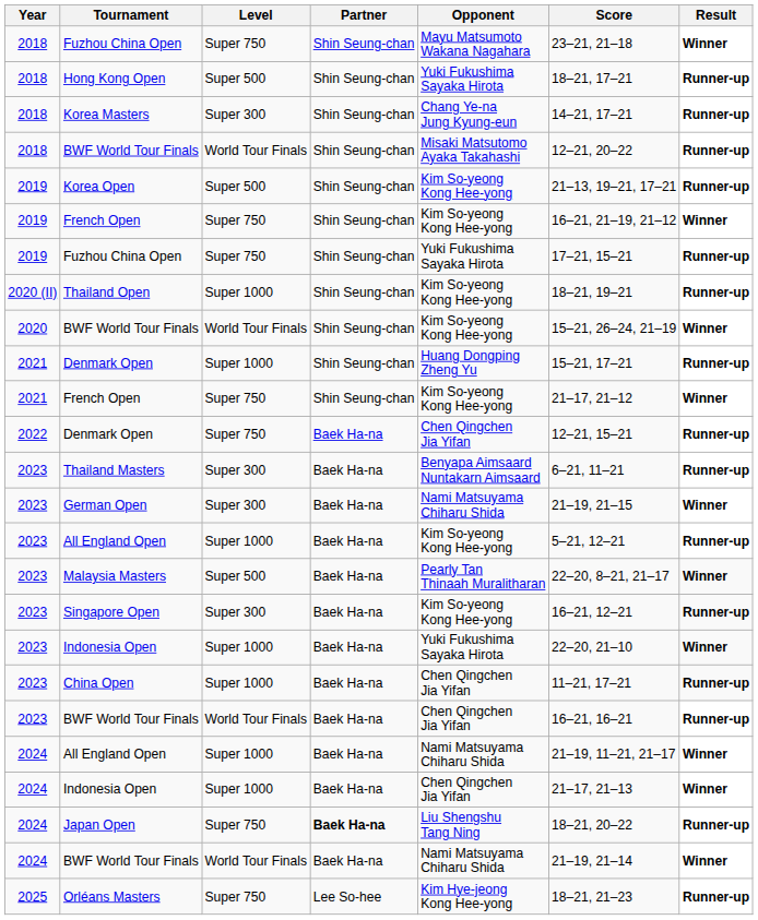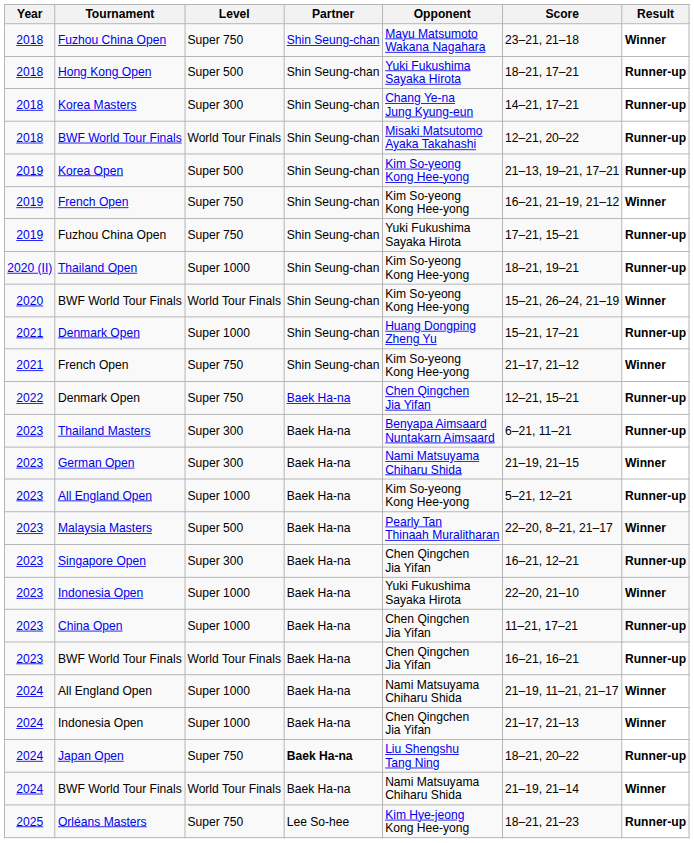 <table class="sortable wikitable" style="font-size: 90%;">
 <tr>
 <th>Year</th>
 <th>Tournament</th>
 <th>Level</th>
 <th>Partner</th>
 <th>Opponent</th>
 <th>Score</th>
 <th>Result</th>
 </tr>
 <tr>
 <td align="center"><a href='#'>2018</a></td>
 <td align="left"><a href='#'>Fuzhou China Open</a></td>
 <td align="left">Super 750</td>
 <td align="left"> <a href='#'>Shin Seung-chan</a></td>
 <td align="left"> <a href='#'>Mayu Matsumoto</a><br> <a href='#'>Wakana Nagahara</a></td>
 <td align="left">23–21, 21–18</td>
 <td style="text-align:left; background:white"> <strong>Winner</strong></td>
 </tr>
 <tr>
 <td align="center"><a href='#'>2018</a></td>
 <td align="left"><a href='#'>Hong Kong Open</a></td>
 <td align="left">Super 500</td>
 <td align="left"> Shin Seung-chan</td>
 <td align="left"> <a href='#'>Yuki Fukushima</a><br> <a href='#'>Sayaka Hirota</a></td>
 <td align="left">18–21, 17–21</td>
 <td style="text-align:left; background:white"> <strong>Runner-up</strong></td>
 </tr>
 <tr>
 <td align="center"><a href='#'>2018</a></td>
 <td align="left"><a href='#'>Korea Masters</a></td>
 <td align="left">Super 300</td>
 <td align="left"> Shin Seung-chan</td>
 <td align="left"> <a href='#'>Chang Ye-na</a><br> <a href='#'>Jung Kyung-eun</a></td>
 <td align="left">14–21, 17–21</td>
 <td style="text-align:left; background:white"> <strong>Runner-up</strong></td>
 </tr>
 <tr>
 <td align="center"><a href='#'>2018</a></td>
 <td align="left"><a href='#'>BWF World Tour Finals</a></td>
 <td align="left">World Tour Finals</td>
 <td align="left"> Shin Seung-chan</td>
 <td align="left"> <a href='#'>Misaki Matsutomo</a><br> <a href='#'>Ayaka Takahashi</a></td>
 <td align="left">12–21, 20–22</td>
 <td style="text-align:left; background:white"> <strong>Runner-up</strong></td>
 </tr>
 <tr>
 <td align="center"><a href='#'>2019</a></td>
 <td align="left"><a href='#'>Korea Open</a></td>
 <td align="left">Super 500</td>
 <td align="left"> Shin Seung-chan</td>
 <td align="left"> <a href='#'>Kim So-yeong</a><br> <a href='#'>Kong Hee-yong</a></td>
 <td align="left">21–13, 19–21, 17–21</td>
 <td style="text-align:left; background:white"> <strong>Runner-up</strong></td>
 </tr>
 <tr>
 <td align="center"><a href='#'>2019</a></td>
 <td align="left"><a href='#'>French Open</a></td>
 <td align="left">Super 750</td>
 <td align="left"> Shin Seung-chan</td>
 <td align="left"> Kim So-yeong<br> Kong Hee-yong</td>
 <td algin="left">16–21, 21–19, 21–12</td>
 <td style="text-align:left; background:white"> <strong>Winner</strong></td>
 </tr>
 <tr>
 <td align="center"><a href='#'>2019</a></td>
 <td align="left">Fuzhou China Open</td>
 <td align="left">Super 750</td>
 <td align="left"> Shin Seung-chan</td>
 <td align="left"> Yuki Fukushima<br> Sayaka Hirota</td>
 <td algin="left">17–21, 15–21</td>
 <td style="text-align:left; background:white"> <strong>Runner-up</strong></td>
 </tr>
 <tr>
 <td align="center"><a href='#'>2020 (II)</a></td>
 <td align="left"><a href='#'>Thailand Open</a></td>
 <td align="left">Super 1000</td>
 <td align="left"> Shin Seung-chan</td>
 <td align="left"> Kim So-yeong<br> Kong Hee-yong</td>
 <td align="left">18–21, 19–21</td>
 <td style="text-align:left; background:white"> <strong>Runner-up</strong></td>
 </tr>
 <tr>
 <td align="center"><a href='#'>2020</a></td>
 <td align="left">BWF World Tour Finals</td>
 <td align="left">World Tour Finals</td>
 <td align="left"> Shin Seung-chan</td>
 <td align="left"> Kim So-yeong<br> Kong Hee-yong</td>
 <td align="left">15–21,	26–24, 21–19</td>
 <td style="text-align:left; background:white"> <strong>Winner</strong></td>
 </tr>
 <tr>
 <td align="center"><a href='#'>2021</a></td>
 <td align="left"><a href='#'>Denmark Open</a></td>
 <td align="left">Super 1000</td>
 <td align="left"> Shin Seung-chan</td>
 <td align="left"> <a href='#'>Huang Dongping</a><br> <a href='#'>Zheng Yu</a></td>
 <td align="left">15–21, 17–21</td>
 <td style="text-align:left; background:white"> <strong>Runner-up</strong></td>
 </tr>
 <tr>
 <td align="center"><a href='#'>2021</a></td>
 <td align="left">French Open</td>
 <td align="left">Super 750</td>
 <td align="left"> Shin Seung-chan</td>
 <td align="left"> Kim So-yeong<br> Kong Hee-yong</td>
 <td algin="left">21–17, 21–12</td>
 <td style="text-align:left; background:white"> <strong>Winner</strong></td>
 </tr>
 <tr>
 <td align="center"><a href='#'>2022</a></td>
 <td align="left">Denmark Open</td>
 <td align="left">Super 750</td>
 <td align="left"> <a href='#'>Baek Ha-na</a></td>
 <td align="left"> <a href='#'>Chen Qingchen</a><br> <a href='#'>Jia Yifan</a></td>
 <td align="left">12–21, 15–21</td>
 <td style="text-align:left; background:white"> <strong>Runner-up</strong></td>
 </tr>
 <tr>
 <td align="center"><a href='#'>2023</a></td>
 <td align="left"><a href='#'>Thailand Masters</a></td>
 <td align="left">Super 300</td>
 <td align="left"> Baek Ha-na</td>
 <td align="left"> <a href='#'>Benyapa Aimsaard</a><br> <a href='#'>Nuntakarn Aimsaard</a></td>
 <td align="left">6–21, 11–21</td>
 <td style="text-align:left; background:white"> <strong>Runner-up</strong></td>
 </tr>
 <tr>
 <td align="center"><a href='#'>2023</a></td>
 <td align="left"><a href='#'>German Open</a></td>
 <td align="left">Super 300</td>
 <td align="left"> Baek Ha-na</td>
 <td align="left"> <a href='#'>Nami Matsuyama</a><br> <a href='#'>Chiharu Shida</a></td>
 <td align="left">21–19, 21–15</td>
 <td style="text-align:left; background:white"> <strong>Winner</strong></td>
 </tr>
 <tr>
 <td align="center"><a href='#'>2023</a></td>
 <td align="left"><a href='#'>All England Open</a></td>
 <td align="left">Super 1000</td>
 <td align="left"> Baek Ha-na</td>
 <td align="left"> Kim So-yeong<br> Kong Hee-yong</td>
 <td align="left">5–21, 12–21</td>
 <td style="text-align:left; background:white"> <strong>Runner-up</strong></td>
 </tr>
 <tr>
 <td align="center"><a href='#'>2023</a></td>
 <td align="left"><a href='#'>Malaysia Masters</a></td>
 <td align="left">Super 500</td>
 <td align="left"> Baek Ha-na</td>
 <td align="left"> <a href='#'>Pearly Tan</a><br> <a href='#'>Thinaah Muralitharan</a></td>
 <td align="left">22–20, 8–21, 21–17</td>
 <td style="text-align:left; background:white”"> <strong>Winner</strong></td>
 </tr>
 <tr>
 <td align="center"><a href='#'>2023</a></td>
 <td align="left"><a href='#'>Singapore Open</a></td>
 <td align="left">Super 300</td>
 <td align="left"> Baek Ha-na</td>
-<td align="left"> Kim So-yeong<br> Kong Hee-yong</td>
+<td align="left"> Chen Qingchen<br> Jia Yifan</td>
 <td align="left">16–21, 12–21</td>
 <td style="text-align:left; background:white”"> <strong>Runner-up</strong></td>
 </tr>
 <tr>
 <td align="center"><a href='#'>2023</a></td>
 <td align="left"><a href='#'>Indonesia Open</a></td>
 <td align="left">Super 1000</td>
 <td align="left"> Baek Ha-na</td>
 <td align="left"> Yuki Fukushima<br> Sayaka Hirota</td>
 <td align="left">22–20, 21–10</td>
 <td style="text-align:left; background:white”"> <strong>Winner</strong></td>
 </tr>
 <tr>
 <td align="center"><a href='#'>2023</a></td>
 <td align="left"><a href='#'>China Open</a></td>
 <td align="left">Super 1000</td>
 <td align="left"> Baek Ha-na</td>
 <td align="left"> Chen Qingchen<br> Jia Yifan</td>
 <td align="left">11–21, 17–21</td>
 <td style="text-align:left; background:white”"> <strong>Runner-up</strong></td>
 </tr>
 <tr>
 <td align="center"><a href='#'>2023</a></td>
 <td align="left">BWF World Tour Finals</td>
 <td align="left">World Tour Finals</td>
 <td align="left"> Baek Ha-na</td>
 <td align="left"> Chen Qingchen<br> Jia Yifan</td>
 <td align="left">16–21, 16–21</td>
 <td style="text-align:left; background:white"> <strong>Runner-up</strong></td>
 </tr>
 <tr>
 <td align="center"><a href='#'>2024</a></td>
 <td align="left">All England Open</td>
 <td align="left">Super 1000</td>
 <td align="left"> Baek Ha-na</td>
 <td align="left"> Nami Matsuyama<br> Chiharu Shida</td>
 <td align="left">21–19, 11–21, 21–17</td>
 <td style="text-align:left; background:white"> <strong>Winner</strong></td>
 </tr>
 <tr>
 <td align="center"><a href='#'>2024</a></td>
 <td align="left">Indonesia Open</td>
 <td align="left">Super 1000</td>
 <td align="left"> Baek Ha-na</td>
 <td align="left"> Chen Qingchen<br> Jia Yifan</td>
 <td align="left">21–17, 21–13</td>
 <td style="text-align:left; background:white"> <strong>Winner</strong></td>
 </tr>
 <tr>
 <td align="center"><a href='#'>2024</a></td>
 <td align="left"><a href='#'>Japan Open</a></td>
 <td align="left">Super 750</td>
 <td align="left"><strong> Baek Ha-na</strong></td>
 <td align="left"> <a href='#'>Liu Shengshu</a><br> <a href='#'>Tang Ning</a></td>
 <td align="left">18–21, 20–22</td>
 <td style="text-align:left; background:white"> <strong>Runner-up</strong></td>
 </tr>
 <tr>
 <td align="center"><a href='#'>2024</a></td>
 <td align="left">BWF World Tour Finals</td>
 <td align="left">World Tour Finals</td>
 <td align="left"> Baek Ha-na</td>
 <td align="left"> Nami Matsuyama<br> Chiharu Shida</td>
 <td align="left">21–19, 21–14</td>
 <td style="text-align:left; background: white"> <strong>Winner</strong></td>
 </tr>
 <tr>
 <td align="center"><a href='#'>2025</a></td>
 <td align="left"><a href='#'>Orléans Masters</a></td>
 <td align="left">Super 750</td>
 <td align="left"> Lee So-hee</td>
 <td align="left"> <a href='#'>Kim Hye-jeong</a> <br> Kong Hee-yong</td>
 <td align="left">18–21, 21–23</td>
 <td style="text-align:left; background: white"> <strong>Runner-up</strong></td>
 </tr>
 </table>
